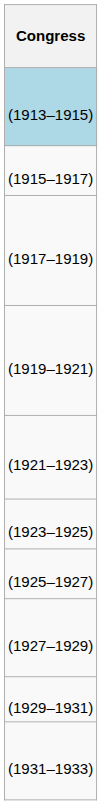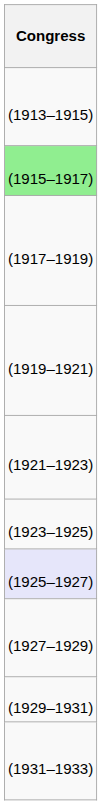 <table class="wikitable" style="float:left; margin:0; margin-right:-0.5px; margin-top:14px; text-align:center;">
 <tr style="white-space:nowrap; height:4.2em;">
 <th>Congress</th>
 </tr>
 <tr style="white-space:nowrap; height:5.2em;">
-<td style="background: lightblue;"><strong></strong><br>(1913–1915)</td>
+<td><strong></strong><br>(1913–1915)</td>
 </tr>
 <tr style="white-space:nowrap; height:3.3em">
-<td><strong></strong><br>(1915–1917)</td>
+<td style="background: lightgreen;"><strong></strong><br>(1915–1917)</td>
 </tr>
 <tr style="white-space:nowrap; height:7.3em">
 <td><strong></strong><br>(1917–1919)</td>
 </tr>
 <tr style="white-space:nowrap; height:7.3em">
 <td><strong></strong><br>(1919–1921)</td>
 </tr>
 <tr style="white-space:nowrap; height:5.6em">
 <td><strong></strong><br>(1921–1923)</td>
 </tr>
 <tr style="white-space:nowrap; height:3.3em;">
 <td><strong></strong><br>(1923–1925)</td>
 </tr>
 <tr style="white-space:nowrap; height:3.3em">
-<td><strong></strong><br>(1925–1927)</td>
+<td style="background: lavender;"><strong></strong><br>(1925–1927)</td>
 </tr>
 <tr style="white-space:nowrap; height:5.2em">
 <td><strong></strong><br>(1927–1929)</td>
 </tr>
 <tr style="white-space:nowrap; height:3em">
 <td><strong></strong><br>(1929–1931)</td>
 </tr>
 <tr style="white-space:nowrap; height:5.2em">
 <td><strong></strong><br>(1931–1933)</td>
 </tr>
 </table>
